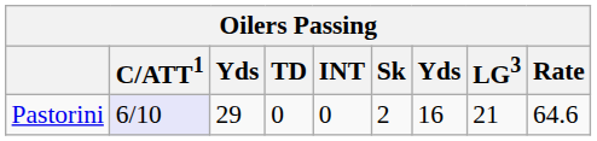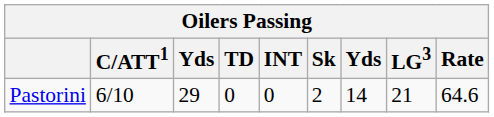 <table class="wikitable">
 <tr>
 <th colspan="9">Oilers Passing</th>
 </tr>
 <tr>
 <th></th>
 <th>C/ATT<sup>1</sup></th>
 <th>Yds</th>
 <th>TD</th>
 <th>INT</th>
 <th>Sk</th>
 <th>Yds</th>
 <th>LG<sup>3</sup></th>
 <th>Rate</th>
 </tr>
 <tr>
 <td><a href='#'>Pastorini</a></td>
-<td style="background: lavender;">6/10</td>
+<td>6/10</td>
 <td>29</td>
 <td>0</td>
 <td>0</td>
 <td>2</td>
-<td>16</td>
+<td>14</td>
 <td>21</td>
 <td>64.6</td>
 </tr>
 </table>
